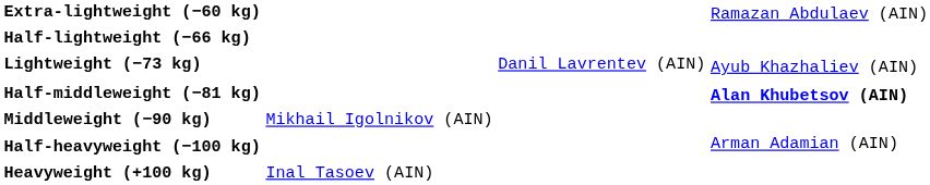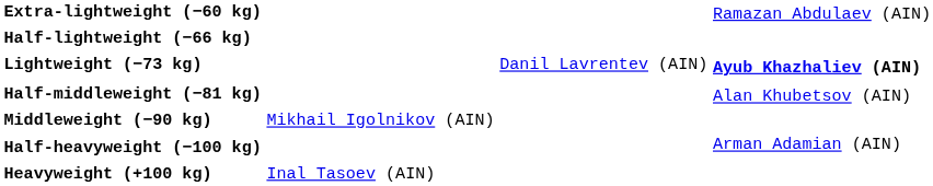 <table>
 <tr>
 <th rowspan=2 style="text-align:left;">Extra-lightweight (−60 kg)</th>
 <td rowspan=2></td>
 <td rowspan=2></td>
 <td></td>
 </tr>
 <tr>
 <td> <a href='#'>Ramazan Abdulaev</a> <span>(<abbr>AIN</abbr>)</span></td>
 </tr>
 <tr>
 <th rowspan=2 style="text-align:left;">Half-lightweight (−66 kg)</th>
 <td rowspan=2></td>
 <td rowspan=2></td>
 <td></td>
 </tr>
 <tr>
 <td></td>
 </tr>
 <tr>
 <th rowspan=2 style="text-align:left;">Lightweight (−73 kg)</th>
 <td rowspan=2></td>
 <td rowspan=2> <a href='#'>Danil Lavrentev</a> <span>(<abbr>AIN</abbr>)</span></td>
 <td></td>
 </tr>
 <tr>
-<td> <a href='#'>Ayub Khazhaliev</a> <span>(<abbr>AIN</abbr>)</span></td>
+<td><strong> <a href='#'>Ayub Khazhaliev</a> <span>(<abbr>AIN</abbr>)</span></strong></td>
 </tr>
 <tr>
 <th rowspan=2 style="text-align:left;">Half-middleweight (−81 kg)</th>
 <td rowspan=2></td>
 <td rowspan=2></td>
 <td></td>
 </tr>
 <tr>
-<td><strong> <a href='#'>Alan Khubetsov</a> <span>(<abbr>AIN</abbr>)</span></strong></td>
+<td> <a href='#'>Alan Khubetsov</a> <span>(<abbr>AIN</abbr>)</span></td>
 </tr>
 <tr>
 <th rowspan=2 style="text-align:left;">Middleweight (−90 kg)</th>
 <td rowspan=2> <a href='#'>Mikhail Igolnikov</a> <span>(<abbr>AIN</abbr>)</span></td>
 <td rowspan=2></td>
 <td></td>
 </tr>
 <tr>
 <td></td>
 </tr>
 <tr>
 <th rowspan=2 style="text-align:left;">Half-heavyweight (−100 kg)</th>
 <td rowspan=2></td>
 <td rowspan=2></td>
 <td> <a href='#'>Arman Adamian</a> <span>(<abbr>AIN</abbr>)</span></td>
 </tr>
 <tr>
 <td></td>
 </tr>
 <tr>
 <th rowspan=2 style="text-align:left;">Heavyweight (+100 kg)</th>
 <td rowspan=2> <a href='#'>Inal Tasoev</a> <span>(<abbr>AIN</abbr>)</span></td>
 <td rowspan=2></td>
 <td></td>
 </tr>
 <tr>
 <td></td>
 </tr>
 </table>
